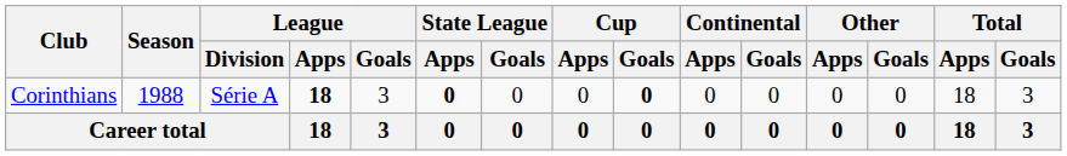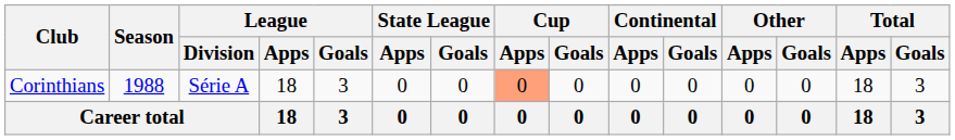 <table class="wikitable" style="text-align: center">
 <tr>
 <th rowspan="2">Club</th>
 <th rowspan="2">Season</th>
 <th colspan="3">League</th>
 <th colspan="2">State League</th>
 <th colspan="2">Cup</th>
 <th colspan="2">Continental</th>
 <th colspan="2">Other</th>
 <th colspan="2">Total</th>
 </tr>
 <tr>
 <th>Division</th>
 <th>Apps</th>
 <th>Goals</th>
 <th>Apps</th>
 <th>Goals</th>
 <th>Apps</th>
 <th>Goals</th>
 <th>Apps</th>
 <th>Goals</th>
 <th>Apps</th>
 <th>Goals</th>
 <th>Apps</th>
 <th>Goals</th>
 </tr>
 <tr>
 <td><a href='#'>Corinthians</a></td>
 <td><a href='#'>1988</a></td>
 <td><a href='#'>Série A</a></td>
-<td><strong>18</strong></td>
+<td>18</td>
 <td>3</td>
-<td><strong>0</strong></td>
 <td>0</td>
 <td>0</td>
-<td><strong>0</strong></td>
+<td style="background: lightsalmon;">0</td>
+<td>0</td>
 <td>0</td>
 <td>0</td>
 <td>0</td>
 <td>0</td>
 <td>18</td>
 <td>3</td>
 </tr>
 <tr>
 <th colspan="3"><strong>Career total</strong></th>
 <th>18</th>
 <th>3</th>
 <th>0</th>
 <th>0</th>
 <th>0</th>
 <th>0</th>
 <th>0</th>
 <th>0</th>
 <th>0</th>
 <th>0</th>
 <th>18</th>
 <th>3</th>
 </tr>
 </table>
